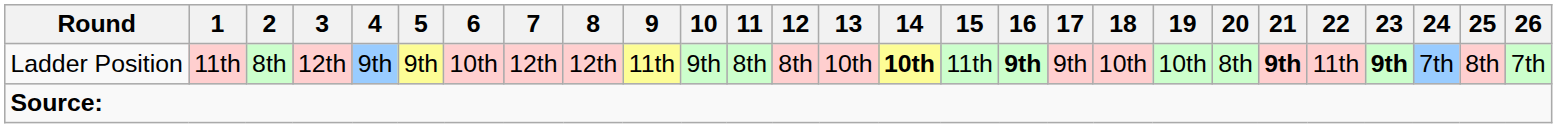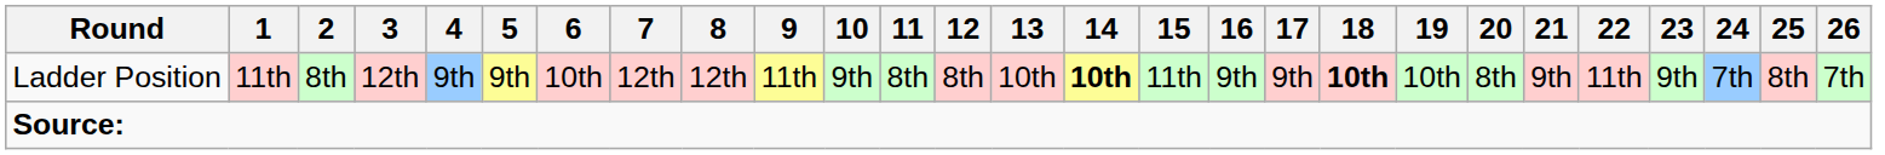 <table class="wikitable">
 <tr>
 <th>Round</th>
 <th>1</th>
 <th>2</th>
 <th>3</th>
 <th>4</th>
 <th>5</th>
 <th>6</th>
 <th>7</th>
 <th>8</th>
 <th>9</th>
 <th>10</th>
 <th>11</th>
 <th>12</th>
 <th>13</th>
 <th>14</th>
 <th>15</th>
 <th>16</th>
 <th>17</th>
 <th>18</th>
 <th>19</th>
 <th>20</th>
 <th>21</th>
 <th>22</th>
 <th>23</th>
 <th>24</th>
 <th>25</th>
 <th>26</th>
 </tr>
 <tr>
 <td>Ladder Position</td>
 <td style="text-align:center; background:#FFCFCF">11th</td>
 <td style="text-align:center; background:#cfc;">8th</td>
 <td style="text-align:center; background:#FFCFCF">12th</td>
 <td style="text-align:center; background:#99ccff;">9th</td>
 <td style="text-align:center; background:#fdfd96">9th</td>
 <td style="text-align:center; background:#FFCFCF">10th</td>
 <td style="text-align:center; background:#FFCFCF">12th</td>
 <td style="text-align:center; background:#FFCFCF">12th</td>
 <td style="text-align:center; background:#fdfd96;">11th</td>
 <td style="text-align:center; background:#cfc;">9th</td>
 <td style="text-align:center; background:#cfc;">8th</td>
 <td style="text-align:center; background:#FFCFCF">8th</td>
 <td style="text-align:center; background:#FFCFCF">10th</td>
 <td style="text-align:center; background:#fdfd96;"><strong>10th</strong></td>
 <td style="text-align:center; background:#cfc;">11th</td>
-<td style="text-align:center; background:#cfc;"><strong>9th</strong></td>
+<td style="text-align:center; background:#cfc;">9th</td>
 <td style="text-align:center; background:#FFCFCF">9th</td>
-<td style="text-align:center; background:#FFCFCF">10th</td>
+<td style="text-align:center; background:#FFCFCF"><strong>10th</strong></td>
 <td style="text-align:center; background:#cfc;">10th</td>
 <td style="text-align:center; background:#cfc;">8th</td>
-<td style="text-align:center; background:#FFCFCF"><strong>9th</strong></td>
+<td style="text-align:center; background:#FFCFCF">9th</td>
 <td style="text-align:center; background:#FFCFCF">11th</td>
-<td style="text-align:center; background:#cfc;"><strong>9th</strong></td>
+<td style="text-align:center; background:#cfc;">9th</td>
 <td style="text-align:center; background:#99ccff;">7th</td>
 <td style="text-align:center; background:#FFCFCF">8th</td>
 <td style="text-align:center; background:#cfc;">7th</td>
 </tr>
 <tr>
 <td colspan="27"><strong>Source:</strong></td>
 </tr>
 </table>
